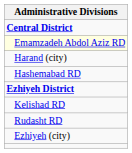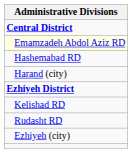 <table class="wikitable">
 <tr>
 <th>Administrative Divisions</th>
 </tr>
 <tr>
 <td><strong><a href='#'>Central District</a></strong></td>
 </tr>
 <tr>
 <td style="background: lightyellow; padding-left: 1em;"><a href='#'>Emamzadeh Abdol Aziz RD</a></td>
 </tr>
 <tr>
-<td style="padding-left: 1em;"><a href='#'>Harand</a> (city)</td>
+<td style="padding-left: 1em;"><a href='#'>Hashemabad RD</a></td>
 </tr>
 <tr>
-<td style="padding-left: 1em;"><a href='#'>Hashemabad RD</a></td>
+<td style="padding-left: 1em;"><a href='#'>Harand</a> (city)</td>
 </tr>
 <tr>
 <td><strong><a href='#'>Ezhiyeh District</a></strong></td>
 </tr>
 <tr>
 <td style="padding-left: 1em;"><a href='#'>Kelishad RD</a></td>
 </tr>
 <tr>
 <td style="padding-left: 1em;"><a href='#'>Rudasht RD</a></td>
 </tr>
 <tr>
 <td style="padding-left: 1em;"><a href='#'>Ezhiyeh</a> (city)</td>
 </tr>
 <tr>
 <td colspan=1></td>
 </tr>
 </table>
